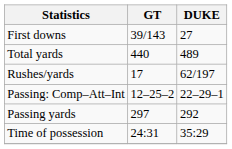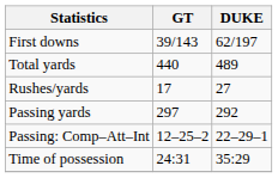 <table class="wikitable" style="float: left;">
 <tr>
 <th>Statistics</th>
 <th>GT</th>
 <th>DUKE</th>
 </tr>
 <tr>
 <td>First downs</td>
 <td>39/143</td>
-<td>27</td>
+<td>62/197</td>
 </tr>
 <tr>
 <td>Total yards</td>
 <td>440</td>
 <td>489</td>
 </tr>
 <tr>
 <td>Rushes/yards</td>
 <td>17</td>
-<td>62/197</td>
+<td>27</td>
+</tr>
+<tr>
+<td>Passing yards</td>
+<td>297</td>
+<td>292</td>
 </tr>
 <tr>
 <td>Passing: Comp–Att–Int</td>
 <td>12–25–2</td>
 <td>22–29–1</td>
-</tr>
-<tr>
-<td>Passing yards</td>
-<td>297</td>
-<td>292</td>
 </tr>
 <tr>
 <td>Time of possession</td>
 <td>24:31</td>
 <td>35:29</td>
 </tr>
 <tr>
 </tr>
 </table>
